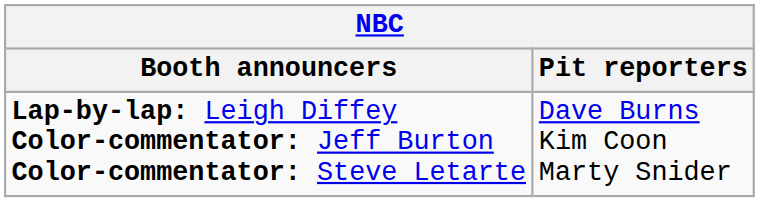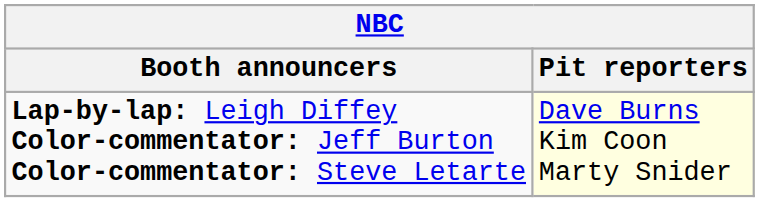 <table class="wikitable" style="font-size: 95%">
 <tr>
 <th colspan="2"><a href='#'>NBC</a></th>
 </tr>
 <tr>
 <th>Booth announcers</th>
 <th>Pit reporters</th>
 </tr>
 <tr>
 <td><strong>Lap-by-lap:</strong> <a href='#'>Leigh Diffey</a><br><strong>Color-commentator:</strong> <a href='#'>Jeff Burton</a><br><strong>Color-commentator:</strong> <a href='#'>Steve Letarte</a></td>
-<td><a href='#'>Dave Burns</a><br>Kim Coon<br>Marty Snider</td>
+<td style="background: lightyellow;"><a href='#'>Dave Burns</a><br>Kim Coon<br>Marty Snider</td>
 </tr>
 </table>
